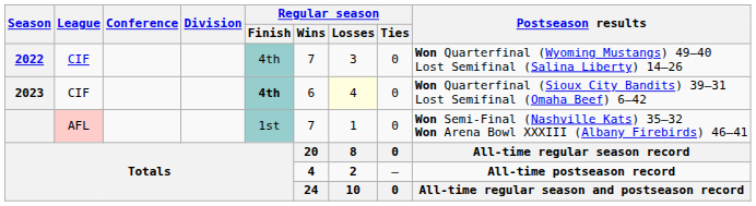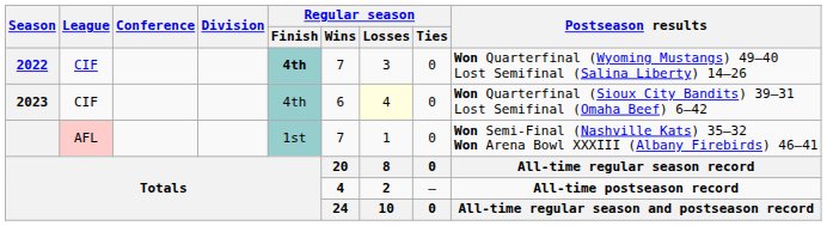 <table class="wikitable" style="text-align:center; font-size: 95%;">
 <tr>
 <th rowspan="2"><a href='#'>Season</a></th>
 <th rowspan="2"><a href='#'>League</a></th>
 <th rowspan="2"><a href='#'>Conference</a></th>
 <th rowspan="2"><a href='#'>Division</a></th>
 <th colspan="4"><a href='#'>Regular season</a></th>
 <th rowspan="2"><a href='#'>Postseason</a> results</th>
 </tr>
 <tr>
 <th>Finish</th>
 <th>Wins</th>
 <th>Losses</th>
 <th>Ties</th>
 </tr>
 <tr>
 <th><a href='#'>2022</a></th>
 <td><a href='#'>CIF</a></td>
 <td></td>
 <td></td>
-<td style="background:#96cdcd;">4th</td>
+<td style="background:#96cdcd;"><strong>4th</strong></td>
 <td>7</td>
 <td>3</td>
 <td>0</td>
 <td style="text-align:left"><strong>Won</strong> Quarterfinal (<a href='#'>Wyoming Mustangs</a>) 49–40<br>Lost Semifinal (<a href='#'>Salina Liberty</a>) 14–26</td>
 </tr>
 <tr>
 <th>2023</th>
 <td>CIF</td>
 <td></td>
 <td></td>
-<td style="background:#96cdcd;"><strong>4th</strong></td>
+<td style="background:#96cdcd;">4th</td>
 <td>6</td>
 <td style="background: lightyellow;">4</td>
 <td>0</td>
 <td style="text-align:left"><strong>Won</strong> Quarterfinal (<a href='#'>Sioux City Bandits</a>) 39–31<br>Lost Semifinal (<a href='#'>Omaha Beef</a>) 6–42</td>
 </tr>
 <tr>
 <th></th>
 <td style="background:#fcc">AFL</td>
 <td></td>
 <td></td>
 <td style="background:#96cdcd;">1st</td>
 <td>7</td>
 <td>1</td>
 <td>0</td>
 <td style="text-align:left"><strong>Won</strong> Semi-Final (<a href='#'>Nashville Kats</a>) 35–32<br><strong>Won</strong> Arena Bowl XXXIII (<a href='#'>Albany Firebirds</a>) 46–41</td>
 </tr>
 <tr>
 <th rowspan="3" colspan="5">Totals</th>
 <th>20</th>
 <th>8</th>
 <th>0</th>
 <th>All-time regular season record</th>
 </tr>
 <tr>
 <td><strong>4</strong></td>
 <td><strong>2</strong></td>
 <td>—</td>
 <td><strong>All-time postseason record</strong></td>
 </tr>
 <tr>
 <th>24</th>
 <th>10</th>
 <th>0</th>
 <th>All-time regular season and postseason record</th>
 </tr>
 </table>
